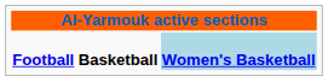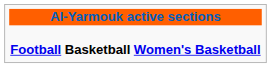 <table class="infobox" style="width: 20em; font-size: 95%em;">
 <tr style="color:#0060BF; background:#FF5F00; text-align:center;">
 <th colspan="3">Al-Yarmouk active sections</th>
 </tr>
 <tr style="text-align: center">
 <td><br><strong><a href='#'>Football</a></strong></td>
 <td><br><strong>Basketball</strong></td>
-<td style="background: lightblue;"><br><strong><a href='#'>Women's Basketball</a></strong></td>
+<td><br><strong><a href='#'>Women's Basketball</a></strong></td>
 </tr>
 </table>
